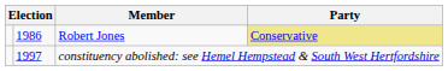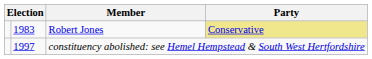 <table class="wikitable">
 <tr>
 <th colspan="2">Election</th>
 <th>Member</th>
 <th>Party</th>
 </tr>
 <tr>
 <td style="color:inherit;background-color: "></td>
-<td><a href='#'>1986</a></td>
+<td><a href='#'>1983</a></td>
 <td><a href='#'>Robert Jones</a></td>
 <td style="background: khaki;"><a href='#'>Conservative</a></td>
 </tr>
 <tr>
 <td></td>
 <td><a href='#'>1997</a></td>
 <td colspan="2"><em>constituency abolished: see <a href='#'>Hemel Hempstead</a> & <a href='#'>South West Hertfordshire</a></em></td>
 </tr>
 </table>
